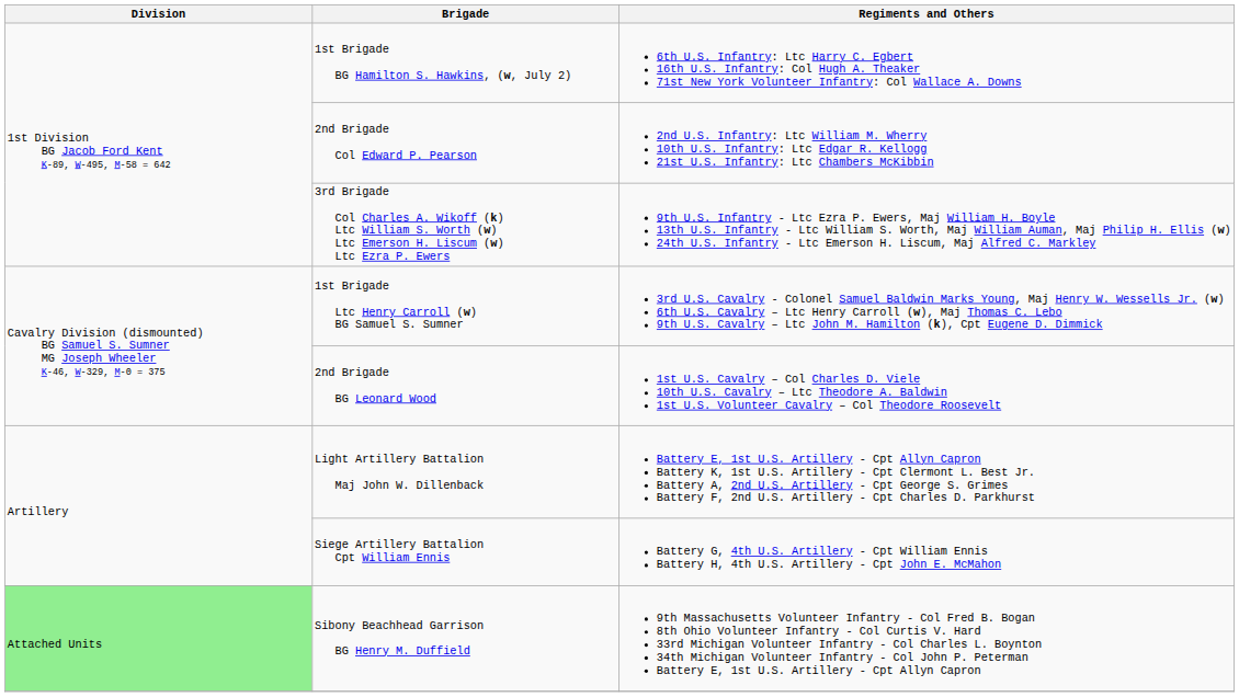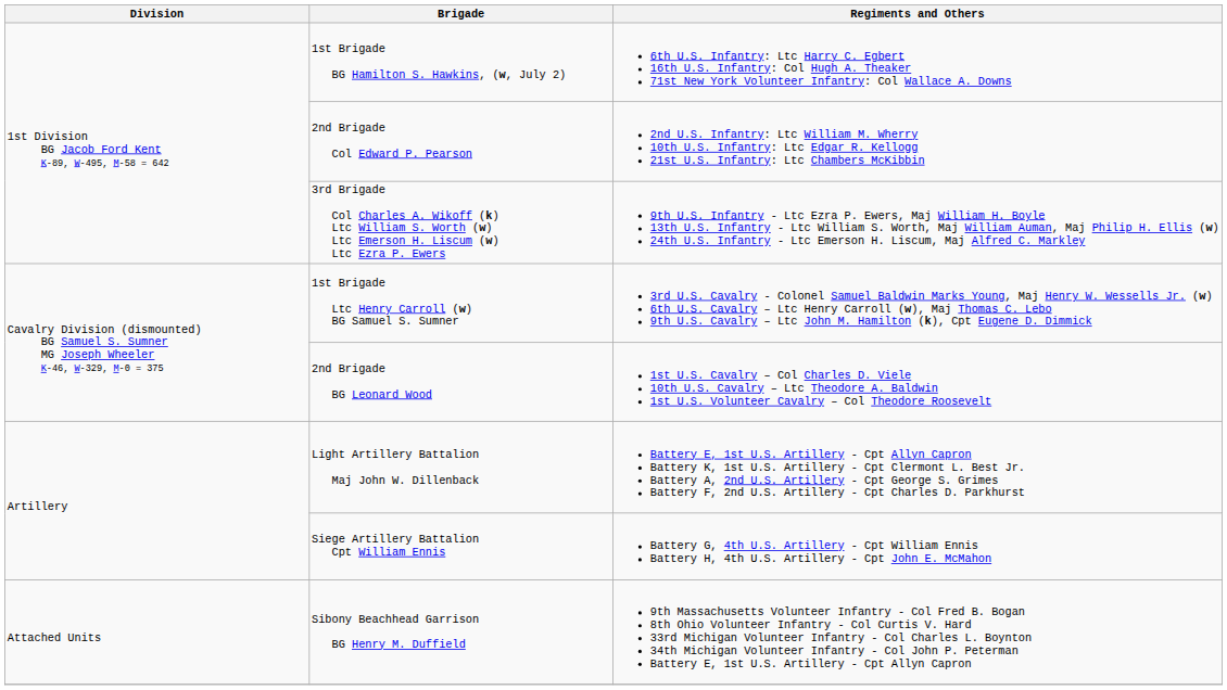 <table class="wikitable">
 <tr>
 <th width=25%>Division</th>
 <th width=25%>Brigade</th>
 <th>Regiments and Others</th>
 </tr>
 <tr>
 <td rowspan=3><br>1st Division <br>     BG <a href='#'>Jacob Ford Kent</a><br>     <small><a href='#'>K</a>-89, <a href='#'>W</a>-495, <a href='#'>M</a>-58 = 642</small></td>
 <td>1st Brigade<br><br>   BG <a href='#'>Hamilton S. Hawkins</a>, (<strong>w</strong>, July 2)</td>
 <td><br><ul><li><a href='#'>6th U.S. Infantry</a>: Ltc <a href='#'>Harry C. Egbert</a></li><li><a href='#'>16th U.S. Infantry</a>: Col <a href='#'>Hugh A. Theaker</a></li><li><a href='#'>71st New York Volunteer Infantry</a>: Col <a href='#'>Wallace A. Downs</a></li></ul></td>
 </tr>
 <tr>
 <td>2nd Brigade<br><br>   Col <a href='#'>Edward P. Pearson</a></td>
 <td><br><ul><li><a href='#'>2nd U.S. Infantry</a>: Ltc <a href='#'>William M. Wherry</a></li><li><a href='#'>10th U.S. Infantry</a>: Ltc <a href='#'>Edgar R. Kellogg</a></li><li><a href='#'>21st U.S. Infantry</a>: Ltc <a href='#'>Chambers McKibbin</a></li></ul></td>
 </tr>
 <tr>
 <td>3rd Brigade<br><br>   Col <a href='#'>Charles A. Wikoff</a> (<strong>k</strong>)<br>   Ltc <a href='#'>William S. Worth</a> (<strong>w</strong>)<br>   Ltc <a href='#'>Emerson H. Liscum</a> (<strong>w</strong>)<br>   Ltc <a href='#'>Ezra P. Ewers</a></td>
 <td><br><ul><li><a href='#'>9th U.S. Infantry</a> - Ltc Ezra P. Ewers, Maj <a href='#'>William H. Boyle</a></li><li><a href='#'>13th U.S. Infantry</a> - Ltc William S. Worth, Maj <a href='#'>William Auman</a>, Maj <a href='#'>Philip H. Ellis</a> (<strong>w</strong>)</li><li><a href='#'>24th U.S. Infantry</a> - Ltc Emerson H. Liscum, Maj <a href='#'>Alfred C. Markley</a></li></ul></td>
 </tr>
 <tr>
 <td rowspan=2><br>Cavalry Division (dismounted) <br>     BG <a href='#'>Samuel S. Sumner</a><br>     MG <a href='#'>Joseph Wheeler</a><br>     <small><a href='#'>K</a>-46, <a href='#'>W</a>-329, <a href='#'>M</a>-0 = 375</small></td>
 <td>1st Brigade<br><br>   Ltc <a href='#'>Henry Carroll</a> (<strong>w</strong>)<br>   BG Samuel S. Sumner</td>
 <td><br><ul><li><a href='#'>3rd U.S. Cavalry</a> - Colonel <a href='#'>Samuel Baldwin Marks Young</a>, Maj <a href='#'>Henry W. Wessells Jr.</a> (<strong>w</strong>)</li><li><a href='#'>6th U.S. Cavalry</a> – Ltc Henry Carroll (<strong>w</strong>), Maj <a href='#'>Thomas C. Lebo</a></li><li><a href='#'>9th U.S. Cavalry</a> – Ltc <a href='#'>John M. Hamilton</a> (<strong>k</strong>), Cpt <a href='#'>Eugene D. Dimmick</a></li></ul></td>
 </tr>
 <tr>
 <td>2nd Brigade<br><br>   BG <a href='#'>Leonard Wood</a></td>
 <td><br><ul><li><a href='#'>1st U.S. Cavalry</a> – Col <a href='#'>Charles D. Viele</a></li><li><a href='#'>10th U.S. Cavalry</a> – Ltc <a href='#'>Theodore A. Baldwin</a></li><li><a href='#'>1st U.S. Volunteer Cavalry</a> – Col <a href='#'>Theodore Roosevelt</a></li></ul></td>
 </tr>
 <tr>
 <td rowspan=2><br>Artillery</td>
 <td>Light Artillery Battalion<br><br>   Maj John W. Dillenback</td>
 <td><br><ul><li><a href='#'>Battery E, 1st U.S. Artillery</a> - Cpt <a href='#'>Allyn Capron</a></li><li>Battery K, 1st U.S. Artillery - Cpt Clermont L. Best Jr.</li><li>Battery A, <a href='#'>2nd U.S. Artillery</a> - Cpt George S. Grimes</li><li>Battery F, 2nd U.S. Artillery - Cpt Charles D. Parkhurst</li></ul></td>
 </tr>
 <tr>
 <td>Siege Artillery Battalion<br>   Cpt <a href='#'>William Ennis</a></td>
 <td><br><ul><li>Battery G, <a href='#'>4th U.S. Artillery</a> - Cpt William Ennis</li><li>Battery H, 4th U.S. Artillery - Cpt <a href='#'>John E. McMahon</a></li></ul></td>
 </tr>
 <tr>
-<td rowspan=1 style="background: lightgreen;"><br>Attached Units</td>
+<td rowspan=1><br>Attached Units</td>
 <td>Sibony Beachhead Garrison<br><br>   BG <a href='#'>Henry M. Duffield</a></td>
 <td><br><ul><li>9th Massachusetts Volunteer Infantry - Col Fred B. Bogan</li><li>8th Ohio Volunteer Infantry - Col Curtis V. Hard</li><li>33rd Michigan Volunteer Infantry - Col Charles L. Boynton</li><li>34th Michigan Volunteer Infantry - Col John P. Peterman</li><li>Battery E, 1st U.S. Artillery - Cpt Allyn Capron</li></ul></td>
 </tr>
 <tr>
 </tr>
 </table>
